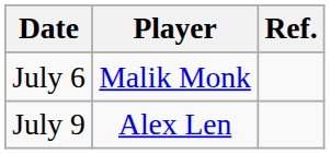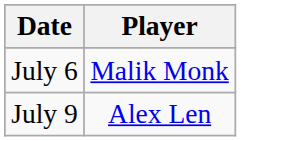 <table class="wikitable sortable sortable" style="text-align: center">
 <tr>
 <th>Date</th>
 <th>Player</th>
-<th>Ref.</th>
 </tr>
 <tr>
 <td>July 6</td>
 <td><a href='#'>Malik Monk</a></td>
-<td></td>
 </tr>
 <tr>
 <td>July 9</td>
 <td><a href='#'>Alex Len</a></td>
-<td></td>
 </tr>
 </table>
